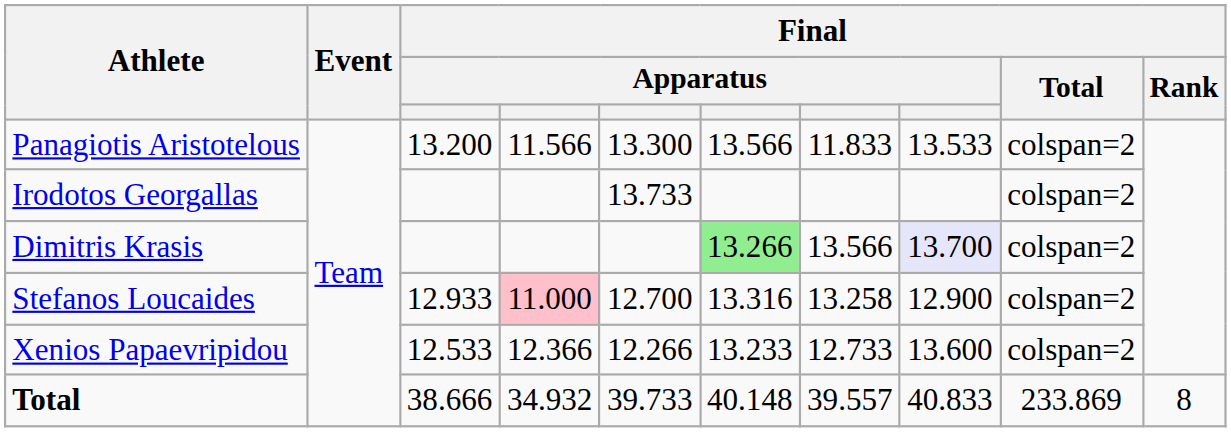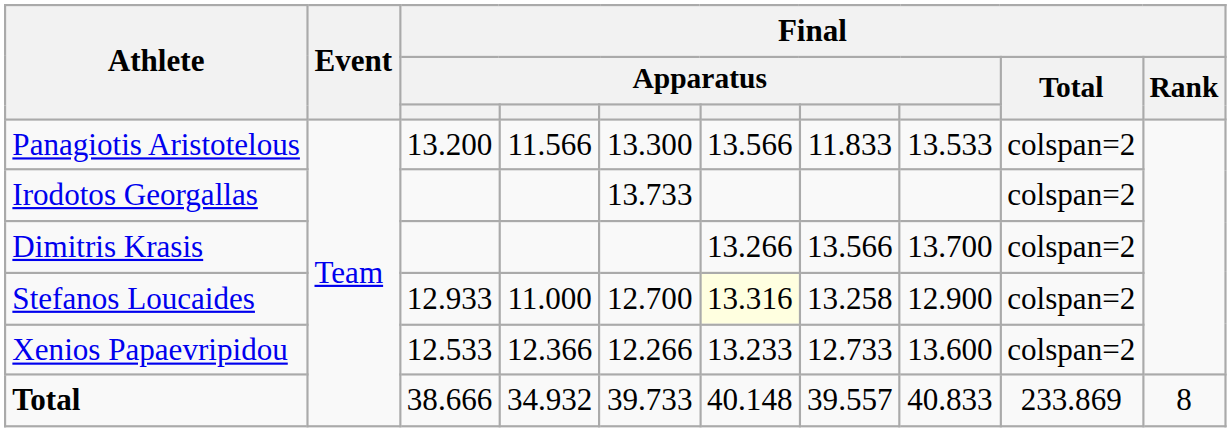 <table class="wikitable" style="font-size:90%">
 <tr>
 <th rowspan=3>Athlete</th>
 <th rowspan=3>Event</th>
 <th colspan=8>Final</th>
 </tr>
 <tr style="font-size:95%">
 <th colspan=6>Apparatus</th>
 <th rowspan=2>Total</th>
 <th rowspan=2>Rank</th>
 </tr>
 <tr style="font-size:95%">
 <th></th>
 <th></th>
 <th></th>
 <th></th>
 <th></th>
 <th></th>
 </tr>
 <tr align=center>
 <td align=left><a href='#'>Panagiotis Aristotelous</a></td>
 <td align=left rowspan=6><a href='#'>Team</a></td>
 <td>13.200</td>
 <td>11.566</td>
 <td>13.300</td>
 <td>13.566</td>
 <td>11.833</td>
 <td>13.533</td>
 <td>colspan=2 </td>
 </tr>
 <tr align=center>
 <td align=left><a href='#'>Irodotos Georgallas</a></td>
 <td></td>
 <td></td>
 <td>13.733</td>
 <td></td>
 <td></td>
 <td></td>
 <td>colspan=2 </td>
 </tr>
 <tr align=center>
 <td align=left><a href='#'>Dimitris Krasis</a></td>
 <td></td>
 <td></td>
 <td></td>
-<td style="background: lightgreen;">13.266</td>
+<td>13.266</td>
 <td>13.566</td>
-<td style="background: lavender;">13.700</td>
+<td>13.700</td>
 <td>colspan=2 </td>
 </tr>
 <tr align=center>
 <td align=left><a href='#'>Stefanos Loucaides</a></td>
 <td>12.933</td>
-<td style="background: pink;">11.000</td>
+<td>11.000</td>
 <td>12.700</td>
-<td>13.316</td>
+<td style="background: lightyellow;">13.316</td>
 <td>13.258</td>
 <td>12.900</td>
 <td>colspan=2 </td>
 </tr>
 <tr align=center>
 <td align=left><a href='#'>Xenios Papaevripidou</a></td>
 <td>12.533</td>
 <td>12.366</td>
 <td>12.266</td>
 <td>13.233</td>
 <td>12.733</td>
 <td>13.600</td>
 <td>colspan=2 </td>
 </tr>
 <tr align=center>
 <td align=left><strong>Total</strong></td>
 <td>38.666</td>
 <td>34.932</td>
 <td>39.733</td>
 <td>40.148</td>
 <td>39.557</td>
 <td>40.833</td>
 <td>233.869</td>
 <td>8</td>
 </tr>
 </table>
